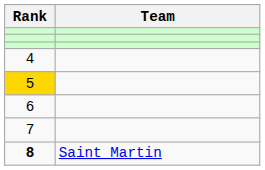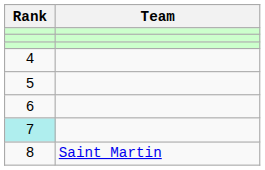 <table class="wikitable" style="text-align: center;">
 <tr>
 <th width=40>Rank</th>
 <th width=180>Team</th>
 </tr>
 <tr bgcolor=#CCFFCC>
 <td></td>
 <td style="text-align:left;"></td>
 </tr>
 <tr bgcolor=#CCFFCC>
 <td></td>
 <td style="text-align:left;"></td>
 </tr>
 <tr bgcolor=#CCFFCC>
 <td></td>
 <td style="text-align:left;"></td>
 </tr>
 <tr align=center>
 <td>4</td>
 <td style="text-align:left;"></td>
 </tr>
 <tr align=center>
-<td style="background: gold;">5</td>
+<td>5</td>
 <td style="text-align:left;"></td>
 </tr>
 <tr align=center>
 <td>6</td>
 <td style="text-align:left;"></td>
 </tr>
 <tr align=center>
-<td>7</td>
+<td style="background: paleturquoise;">7</td>
 <td style="text-align:left;"></td>
 </tr>
 <tr align=center>
-<td><strong>8</strong></td>
+<td>8</td>
 <td style="text-align:left;"><a href='#'>Saint Martin</a></td>
 </tr>
 </table>
